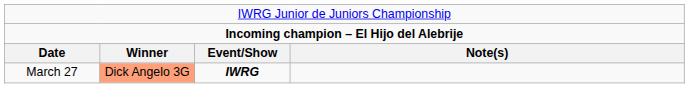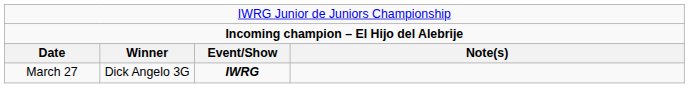 <table class="wikitable" style="text-align:center; width:100%;">
 <tr>
 <td colspan="4" style="text-align: center;"><a href='#'>IWRG Junior de Juniors Championship</a></td>
 </tr>
 <tr>
 <td colspan="4" style="text-align: center;"><strong>Incoming champion – El Hijo del Alebrije</strong></td>
 </tr>
 <tr>
 <th width=14%>Date</th>
 <th width=14%>Winner</th>
 <th width=14%>Event/Show</th>
 <th width=58%>Note(s)</th>
 </tr>
 <tr>
 <td>March 27</td>
-<td style="background: lightsalmon;">Dick Angelo 3G</td>
+<td>Dick Angelo 3G</td>
 <td><strong><em>IWRG</em></strong></td>
 <td></td>
 </tr>
 </table>
